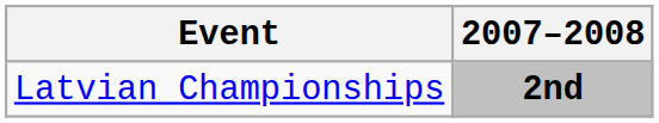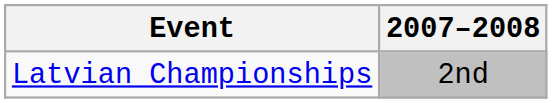 <table class="wikitable" style="text-align:center">
 <tr>
 <th>Event</th>
 <th>2007–2008</th>
 </tr>
 <tr>
 <td align=left><a href='#'>Latvian Championships</a></td>
-<td bgcolor=silver><strong>2nd</strong></td>
+<td bgcolor=silver>2nd</td>
 </tr>
 </table>
